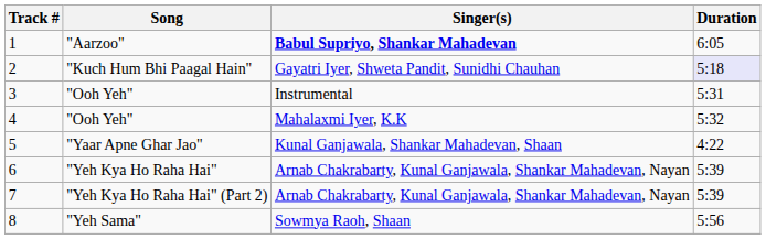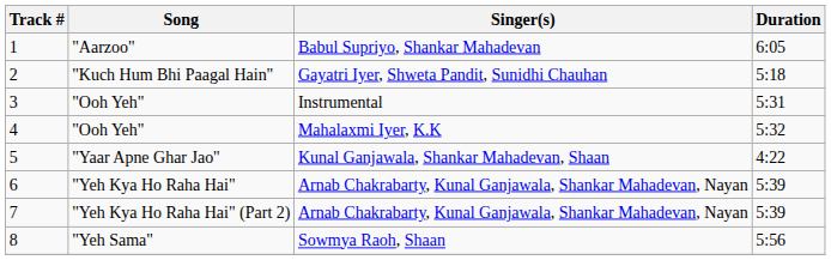 <table class="wikitable" style="font-size:95%;">
 <tr>
 <th>Track #</th>
 <th>Song</th>
 <th>Singer(s)</th>
 <th>Duration</th>
 </tr>
 <tr>
 <td>1</td>
 <td>"Aarzoo"</td>
-<td><strong><a href='#'>Babul Supriyo</a>, <a href='#'>Shankar Mahadevan</a></strong></td>
+<td><a href='#'>Babul Supriyo</a>, <a href='#'>Shankar Mahadevan</a></td>
 <td>6:05</td>
 </tr>
 <tr>
 <td>2</td>
 <td>"Kuch Hum Bhi Paagal Hain"</td>
 <td><a href='#'>Gayatri Iyer</a>, <a href='#'>Shweta Pandit</a>, <a href='#'>Sunidhi Chauhan</a></td>
-<td style="background: lavender;">5:18</td>
+<td>5:18</td>
 </tr>
 <tr>
 <td>3</td>
 <td>"Ooh Yeh"</td>
 <td>Instrumental</td>
 <td>5:31</td>
 </tr>
 <tr>
 <td>4</td>
 <td>"Ooh Yeh"</td>
 <td><a href='#'>Mahalaxmi Iyer</a>, <a href='#'>K.K</a></td>
 <td>5:32</td>
 </tr>
 <tr>
 <td>5</td>
 <td>"Yaar Apne Ghar Jao"</td>
 <td><a href='#'>Kunal Ganjawala</a>, <a href='#'>Shankar Mahadevan</a>, <a href='#'>Shaan</a></td>
 <td>4:22</td>
 </tr>
 <tr>
 <td>6</td>
 <td>"Yeh Kya Ho Raha Hai"</td>
 <td><a href='#'>Arnab Chakrabarty</a>, <a href='#'>Kunal Ganjawala</a>, <a href='#'>Shankar Mahadevan</a>, Nayan</td>
 <td>5:39</td>
 </tr>
 <tr>
 <td>7</td>
 <td>"Yeh Kya Ho Raha Hai" (Part 2)</td>
 <td><a href='#'>Arnab Chakrabarty</a>, <a href='#'>Kunal Ganjawala</a>, <a href='#'>Shankar Mahadevan</a>, Nayan</td>
 <td>5:39</td>
 </tr>
 <tr>
 <td>8</td>
 <td>"Yeh Sama"</td>
 <td><a href='#'>Sowmya Raoh</a>, <a href='#'>Shaan</a></td>
 <td>5:56</td>
 </tr>
 <tr>
 </tr>
 </table>
